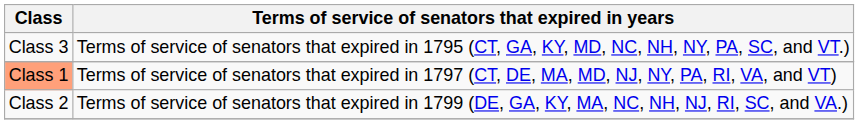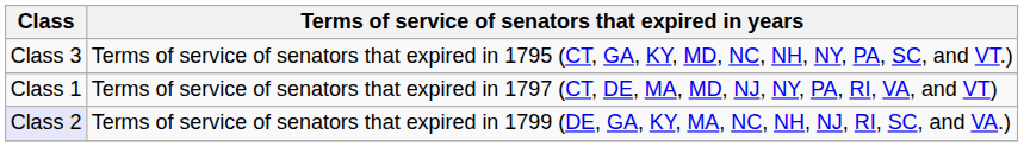 <table class="wikitable sortable">
 <tr valign=bottom>
 <th>Class</th>
 <th>Terms of service of senators that expired in years</th>
 </tr>
 <tr>
 <td>Class 3</td>
 <td>Terms of service of senators that expired in 1795 (<a href='#'>CT</a>, <a href='#'>GA</a>, <a href='#'>KY</a>, <a href='#'>MD</a>, <a href='#'>NC</a>, <a href='#'>NH</a>, <a href='#'>NY</a>, <a href='#'>PA</a>, <a href='#'>SC</a>, and <a href='#'>VT</a>.)</td>
 </tr>
 <tr>
 </tr>
 <tr>
-<td style="background: lightsalmon;">Class 1</td>
+<td>Class 1</td>
 <td>Terms of service of senators that expired in 1797 (<a href='#'>CT</a>, <a href='#'>DE</a>, <a href='#'>MA</a>, <a href='#'>MD</a>, <a href='#'>NJ</a>, <a href='#'>NY</a>, <a href='#'>PA</a>, <a href='#'>RI</a>, <a href='#'>VA</a>, and <a href='#'>VT</a>)</td>
 </tr>
 <tr>
-<td>Class 2</td>
+<td style="background: lavender;">Class 2</td>
 <td>Terms of service of senators that expired in 1799 (<a href='#'>DE</a>, <a href='#'>GA</a>, <a href='#'>KY</a>, <a href='#'>MA</a>, <a href='#'>NC</a>, <a href='#'>NH</a>, <a href='#'>NJ</a>, <a href='#'>RI</a>, <a href='#'>SC</a>, and <a href='#'>VA</a>.)</td>
 </tr>
 <tr>
 </tr>
 </table>
